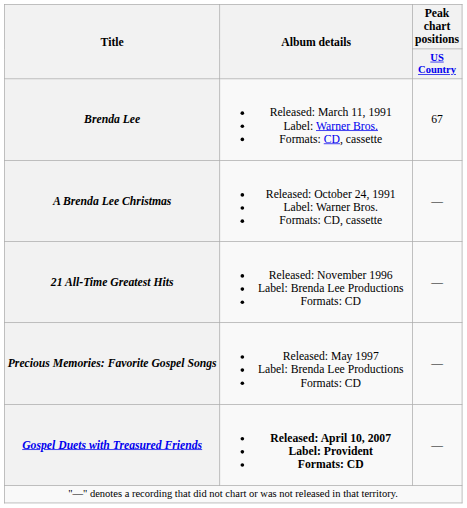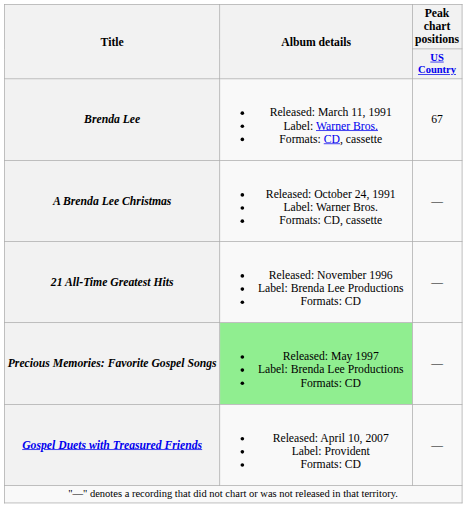 <table class="wikitable plainrowheaders" style="text-align:center;">
 <tr>
 <th scope="col" rowspan="2" style="width:18em;">Title</th>
 <th scope="col" rowspan="2" style="width:16em;">Album details</th>
 <th scope="col" colspan="1">Peak<br>chart<br>positions</th>
 </tr>
 <tr>
 <th scope="col" style="width:3em;font-size:90%;"><a href='#'>US<br>Country</a><br></th>
 </tr>
 <tr>
 <th scope="row"><em>Brenda Lee</em></th>
 <td><br><ul><li>Released: March 11, 1991</li><li>Label: <a href='#'>Warner Bros.</a></li><li>Formats: <a href='#'>CD</a>, cassette</li></ul></td>
 <td>67</td>
 </tr>
 <tr>
 <th scope="row"><em>A Brenda Lee Christmas</em></th>
 <td><br><ul><li>Released: October 24, 1991</li><li>Label: Warner Bros.</li><li>Formats: CD, cassette</li></ul></td>
 <td>—</td>
 </tr>
 <tr>
 <th scope="row"><em>21 All-Time Greatest Hits</em><br></th>
 <td><br><ul><li>Released: November 1996</li><li>Label: Brenda Lee Productions</li><li>Formats: CD</li></ul></td>
 <td>—</td>
 </tr>
 <tr>
 <th scope="row"><em>Precious Memories: Favorite Gospel Songs</em></th>
-<td><br><ul><li>Released: May 1997</li><li>Label: Brenda Lee Productions</li><li>Formats: CD</li></ul></td>
+<td style="background: lightgreen;"><br><ul><li>Released: May 1997</li><li>Label: Brenda Lee Productions</li><li>Formats: CD</li></ul></td>
 <td>—</td>
 </tr>
 <tr>
 <th scope="row"><em><a href='#'>Gospel Duets with Treasured Friends</a></em></th>
-<td><strong><br><ul><li>Released: April 10, 2007</li><li>Label: Provident</li><li>Formats: CD</li></ul></strong></td>
+<td><br><ul><li>Released: April 10, 2007</li><li>Label: Provident</li><li>Formats: CD</li></ul></td>
 <td>—</td>
 </tr>
 <tr>
 <td colspan="3" style="font-size:90%">"—" denotes a recording that did not chart or was not released in that territory.</td>
 </tr>
 </table>
